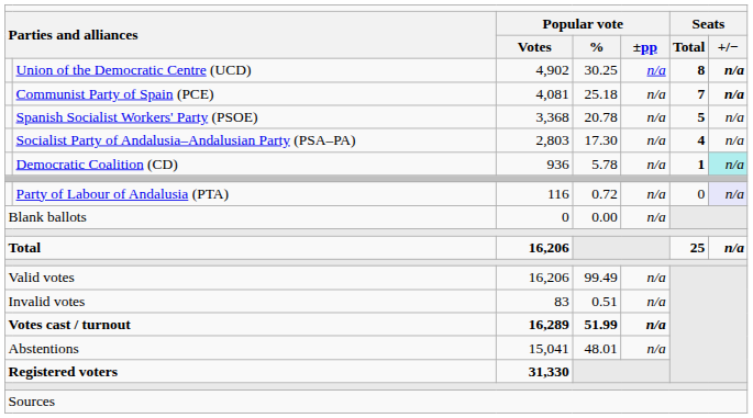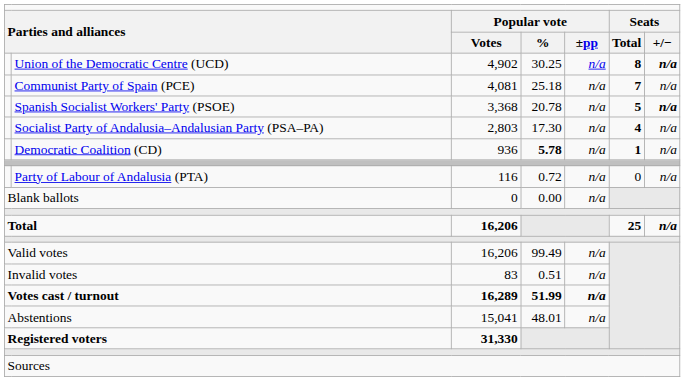 <table class="wikitable" style="text-align:right;">
 <tr>
 <td colspan="7"></td>
 </tr>
 <tr>
 <th style="text-align:left;" rowspan="2" colspan="2" width="525">Parties and alliances</th>
 <th colspan="3">Popular vote</th>
 <th colspan="2">Seats</th>
 </tr>
 <tr>
 <th width="75">Votes</th>
 <th width="45">%</th>
 <th width="45">±<a href='#'>pp</a></th>
 <th width="35">Total</th>
 <th width="35">+/−</th>
 </tr>
 <tr>
 <td width="1" style="color:inherit;background:"></td>
 <td align="left"><a href='#'>Union of the Democratic Centre</a> (UCD)</td>
 <td>4,902</td>
 <td>30.25</td>
 <td><em><a href='#'>n/a</a></em></td>
 <td><strong>8</strong></td>
 <td><strong><em>n/a</em></strong></td>
 </tr>
 <tr>
 <td style="color:inherit;background:"></td>
 <td align="left"><a href='#'>Communist Party of Spain</a> (PCE)</td>
 <td>4,081</td>
 <td>25.18</td>
 <td><em>n/a</em></td>
 <td><strong>7</strong></td>
-<td><strong><em>n/a</em></strong></td>
+<td><em>n/a</em></td>
 </tr>
 <tr>
 <td style="color:inherit;background:"></td>
 <td align="left"><a href='#'>Spanish Socialist Workers' Party</a> (PSOE)</td>
 <td>3,368</td>
 <td>20.78</td>
 <td><em>n/a</em></td>
 <td><strong>5</strong></td>
-<td><em>n/a</em></td>
+<td><strong><em>n/a</em></strong></td>
 </tr>
 <tr>
 <td style="color:inherit;background:"></td>
 <td align="left"><a href='#'>Socialist Party of Andalusia–Andalusian Party</a> (PSA–PA)</td>
 <td>2,803</td>
 <td>17.30</td>
 <td><em>n/a</em></td>
 <td><strong>4</strong></td>
 <td><em>n/a</em></td>
 </tr>
 <tr>
 <td style="color:inherit;background:"></td>
 <td align="left"><a href='#'>Democratic Coalition</a> (CD)</td>
 <td>936</td>
-<td>5.78</td>
+<td><strong>5.78</strong></td>
 <td><em>n/a</em></td>
 <td><strong>1</strong></td>
-<td style="background: paleturquoise;"><em>n/a</em></td>
+<td><em>n/a</em></td>
 </tr>
 <tr>
 <td colspan="7" bgcolor="#C0C0C0"></td>
 </tr>
 <tr>
 <td style="color:inherit;background:"></td>
 <td align="left"><a href='#'>Party of Labour of Andalusia</a> (PTA)</td>
 <td>116</td>
 <td>0.72</td>
 <td><em>n/a</em></td>
 <td>0</td>
-<td style="background: lavender;"><em>n/a</em></td>
+<td><em>n/a</em></td>
 </tr>
 <tr>
 <td align="left" colspan="2">Blank ballots</td>
 <td>0</td>
 <td>0.00</td>
 <td><em>n/a</em></td>
 <td bgcolor="#E9E9E9" colspan="2"></td>
 </tr>
 <tr>
 <td colspan="7" bgcolor="#E9E9E9"></td>
 </tr>
 <tr style="font-weight:bold;">
 <td align="left" colspan="2">Total</td>
 <td>16,206</td>
 <td bgcolor="#E9E9E9" colspan="2"></td>
 <td>25</td>
 <td><em>n/a</em></td>
 </tr>
 <tr>
 <td colspan="7" bgcolor="#E9E9E9"></td>
 </tr>
 <tr>
 <td align="left" colspan="2">Valid votes</td>
 <td>16,206</td>
 <td>99.49</td>
 <td><em>n/a</em></td>
 <td bgcolor="#E9E9E9" colspan="2" rowspan="5"></td>
 </tr>
 <tr>
 <td align="left" colspan="2">Invalid votes</td>
 <td>83</td>
 <td>0.51</td>
 <td><em>n/a</em></td>
 </tr>
 <tr style="font-weight:bold;">
 <td align="left" colspan="2">Votes cast / turnout</td>
 <td>16,289</td>
 <td>51.99</td>
 <td><em>n/a</em></td>
 </tr>
 <tr>
 <td align="left" colspan="2">Abstentions</td>
 <td>15,041</td>
 <td>48.01</td>
 <td><em>n/a</em></td>
 </tr>
 <tr style="font-weight:bold;">
 <td align="left" colspan="2">Registered voters</td>
 <td>31,330</td>
 <td bgcolor="#E9E9E9" colspan="2"></td>
 </tr>
 <tr>
 <td colspan="7" bgcolor="#E9E9E9"></td>
 </tr>
 <tr>
 <td align="left" colspan="7">Sources</td>
 </tr>
 </table>
